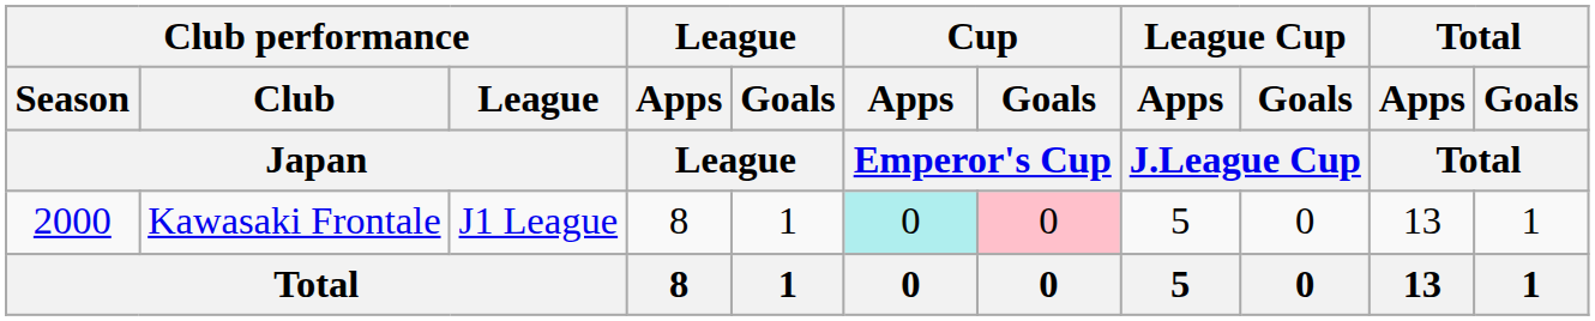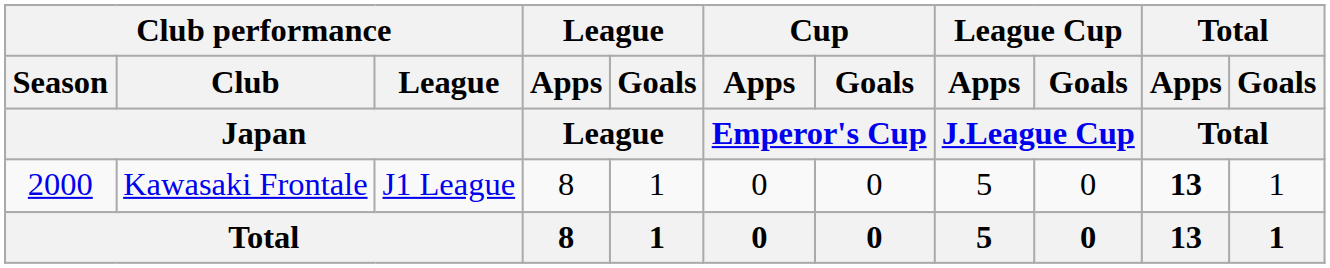 <table class="wikitable" style="text-align:center;">
 <tr>
 <th colspan=3>Club performance</th>
 <th colspan=2>League</th>
 <th colspan=2>Cup</th>
 <th colspan=2>League Cup</th>
 <th colspan=2>Total</th>
 </tr>
 <tr>
 <th>Season</th>
 <th>Club</th>
 <th>League</th>
 <th>Apps</th>
 <th>Goals</th>
 <th>Apps</th>
 <th>Goals</th>
 <th>Apps</th>
 <th>Goals</th>
 <th>Apps</th>
 <th>Goals</th>
 </tr>
 <tr>
 <th colspan=3>Japan</th>
 <th colspan=2>League</th>
 <th colspan=2><a href='#'>Emperor's Cup</a></th>
 <th colspan=2><a href='#'>J.League Cup</a></th>
 <th colspan=2>Total</th>
 </tr>
 <tr>
 <td><a href='#'>2000</a></td>
 <td><a href='#'>Kawasaki Frontale</a></td>
 <td><a href='#'>J1 League</a></td>
 <td>8</td>
 <td>1</td>
-<td style="background: paleturquoise;">0</td>
-<td style="background: pink;">0</td>
+<td>0</td>
+<td>0</td>
 <td>5</td>
 <td>0</td>
-<td>13</td>
+<td><strong>13</strong></td>
 <td>1</td>
 </tr>
 <tr>
 <th colspan=3>Total</th>
 <th>8</th>
 <th>1</th>
 <th>0</th>
 <th>0</th>
 <th>5</th>
 <th>0</th>
 <th>13</th>
 <th>1</th>
 </tr>
 </table>
